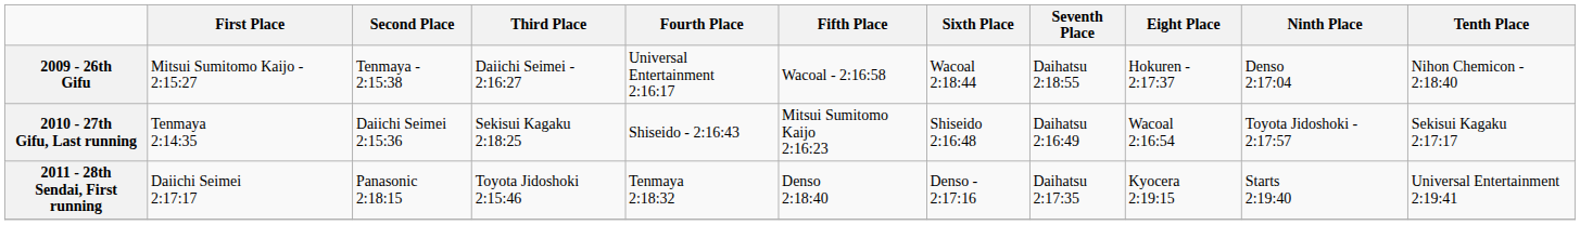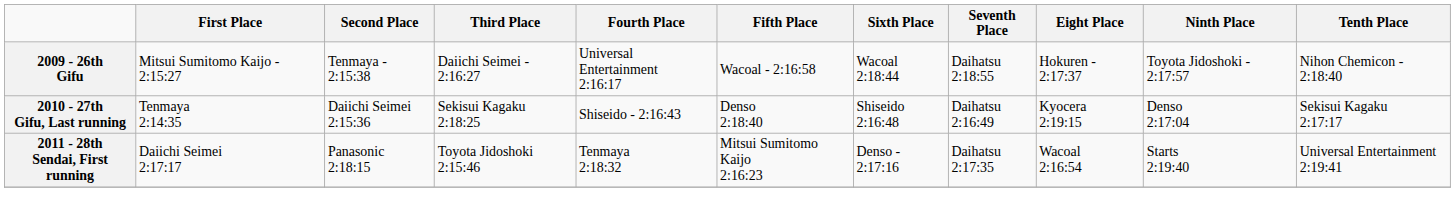 <table class="wikitable" style="text-align:left; width:105%; align:top;">
 <tr>
 <td></td>
 <th scope="col">First Place</th>
 <th scope="col">Second Place</th>
 <th scope="col">Third Place</th>
 <th scope="col">Fourth Place</th>
 <th scope="col">Fifth Place</th>
 <th scope="col">Sixth Place</th>
 <th scope="col">Seventh Place</th>
 <th scope="col">Eight Place</th>
 <th scope="col">Ninth Place</th>
 <th scope="col">Tenth Place</th>
 </tr>
 <tr>
 <th scope="row">2009 - 26th<br>Gifu</th>
 <td>Mitsui Sumitomo Kaijo - 2:15:27</td>
 <td>Tenmaya - 2:15:38</td>
 <td>Daiichi Seimei - 2:16:27</td>
 <td>Universal Entertainment<br>2:16:17</td>
 <td>Wacoal - 2:16:58</td>
 <td>Wacoal<br>2:18:44</td>
 <td>Daihatsu<br>2:18:55</td>
 <td>Hokuren - 2:17:37</td>
-<td>Denso<br>2:17:04</td>
+<td>Toyota Jidoshoki - 2:17:57</td>
 <td>Nihon Chemicon - 2:18:40</td>
 </tr>
 <tr>
 <th scope="row">2010 - 27th<br>Gifu, Last running</th>
 <td>Tenmaya<br>2:14:35</td>
 <td>Daiichi Seimei<br>2:15:36</td>
 <td>Sekisui Kagaku<br>2:18:25</td>
 <td>Shiseido - 2:16:43</td>
-<td>Mitsui Sumitomo Kaijo<br>2:16:23</td>
+<td>Denso<br>2:18:40</td>
 <td>Shiseido<br>2:16:48</td>
 <td>Daihatsu<br>2:16:49</td>
-<td>Wacoal<br>2:16:54</td>
-<td>Toyota Jidoshoki - 2:17:57</td>
+<td>Kyocera<br>2:19:15</td>
+<td>Denso<br>2:17:04</td>
 <td>Sekisui Kagaku<br>2:17:17</td>
 </tr>
 <tr>
 <th scope="row">2011 - 28th<br>Sendai, First running</th>
 <td>Daiichi Seimei<br>2:17:17</td>
 <td>Panasonic<br>2:18:15</td>
 <td>Toyota Jidoshoki<br>2:15:46</td>
 <td>Tenmaya<br>2:18:32</td>
-<td>Denso<br>2:18:40</td>
+<td>Mitsui Sumitomo Kaijo<br>2:16:23</td>
 <td>Denso - 2:17:16</td>
 <td>Daihatsu<br>2:17:35</td>
-<td>Kyocera<br>2:19:15</td>
+<td>Wacoal<br>2:16:54</td>
 <td>Starts<br>2:19:40</td>
 <td>Universal Entertainment<br>2:19:41</td>
 </tr>
 <tr>
 </tr>
 </table>
